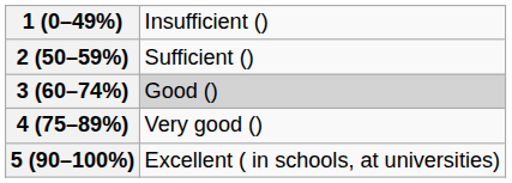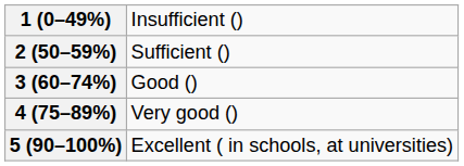 <table class="wikitable">
 <tr>
 <th align="right">1 (0–49%)</th>
 <td>Insufficient ()</td>
 </tr>
 <tr>
 <th align="right">2 (50–59%)</th>
 <td>Sufficient ()</td>
 </tr>
 <tr>
 <th align="right">3 (60–74%)</th>
-<td style="background: lightgrey;">Good ()</td>
+<td>Good ()</td>
 </tr>
 <tr>
 <th align="right">4 (75–89%)</th>
 <td>Very good ()</td>
 </tr>
 <tr>
 <th align="right">5 (90–100%)</th>
 <td>Excellent ( in schools,  at universities)</td>
 </tr>
 </table>
